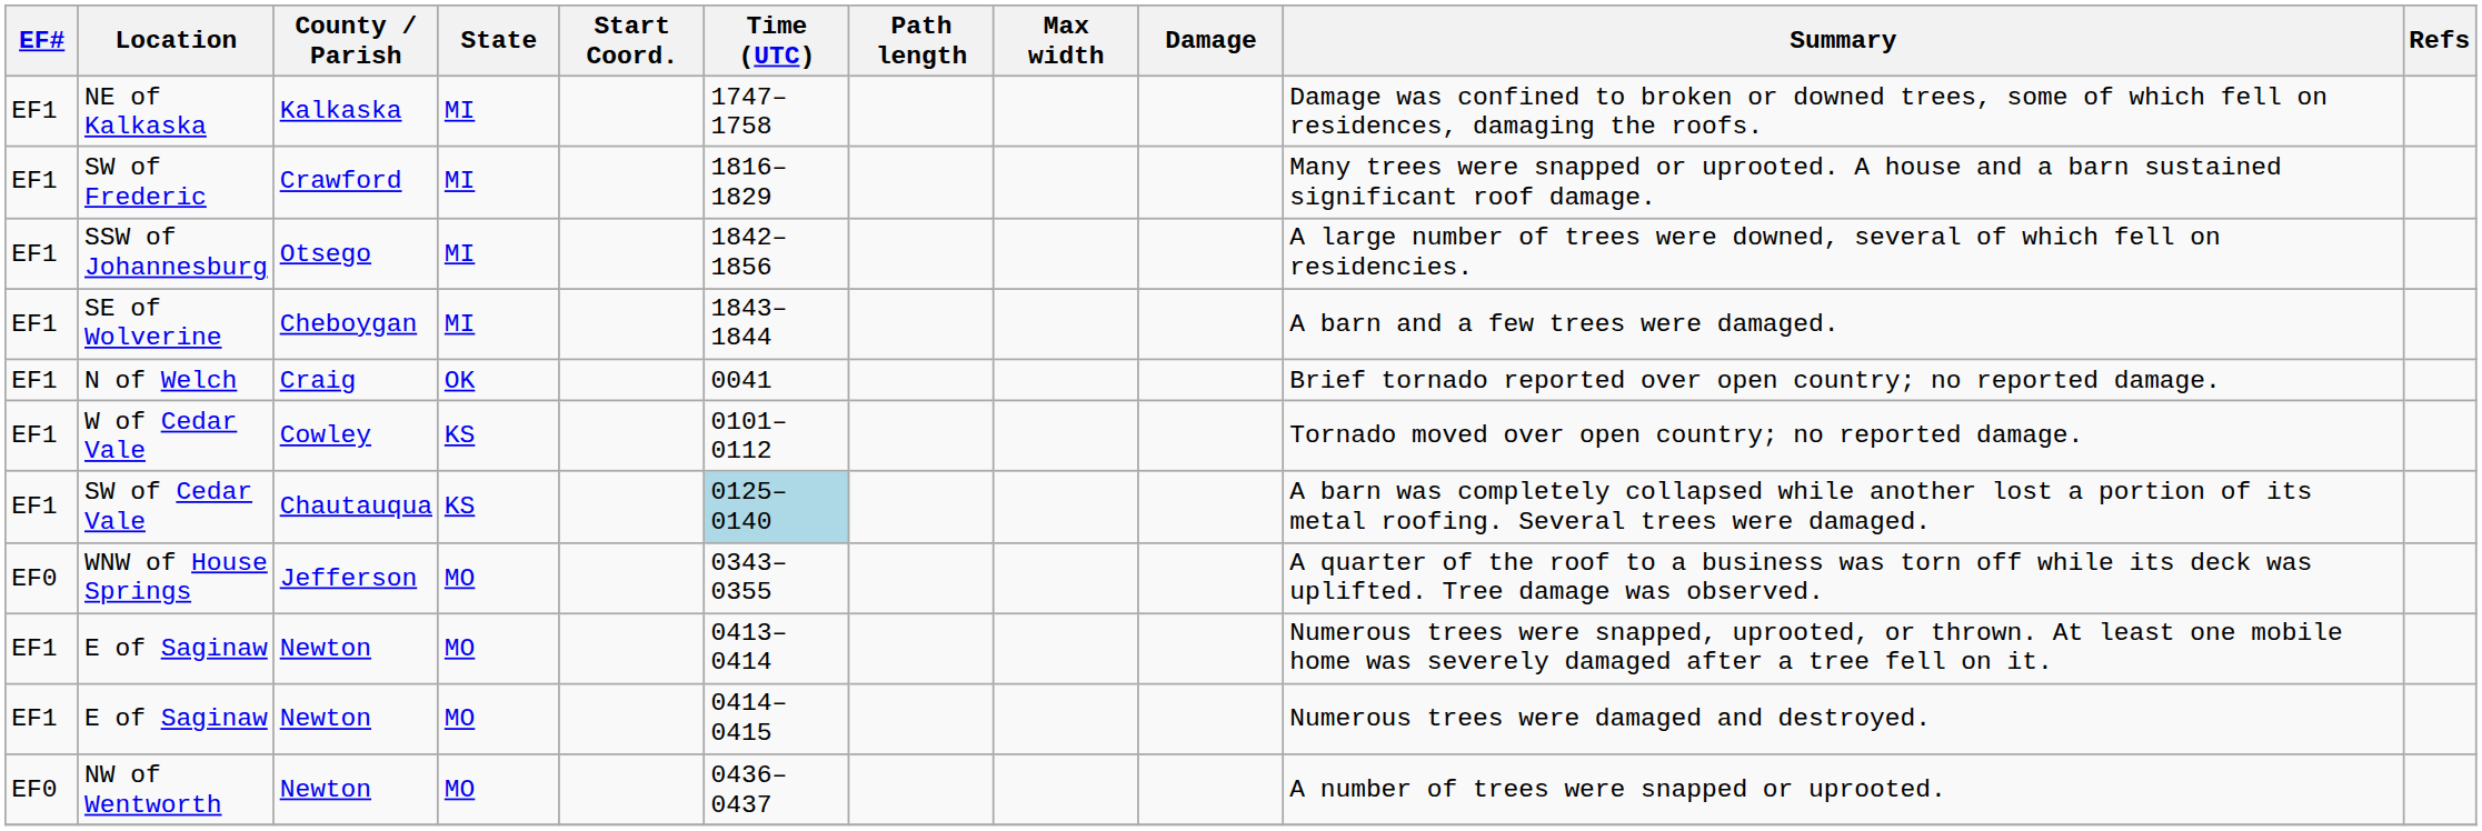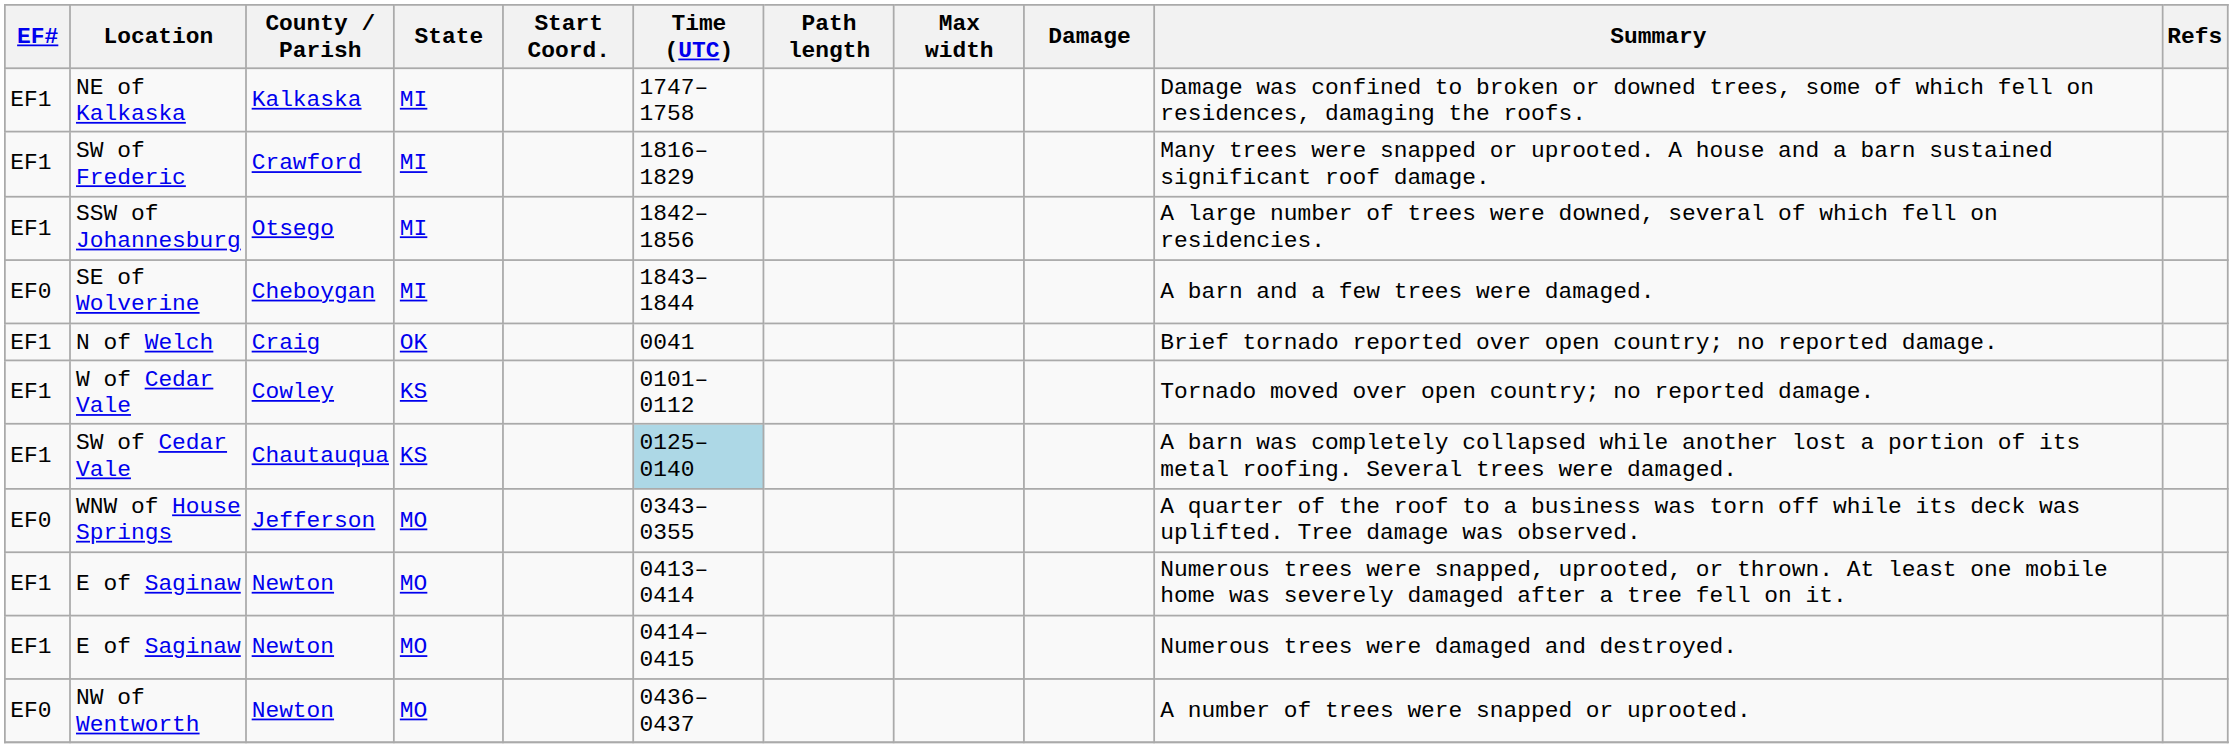 <table class="wikitable sortable" style="width:100%;">
 <tr>
 <th scope="col" width="3%" align="center"><a href='#'>EF#</a></th>
 <th scope="col" width="7%" align="center" class="unsortable">Location</th>
 <th scope="col" width="6%" align="center" class="unsortable">County / Parish</th>
 <th scope="col" width="5%" align="center">State</th>
 <th scope="col" width="6%" align="center">Start Coord.</th>
 <th scope="col" width="6%" align="center">Time (<a href='#'>UTC</a>)</th>
 <th scope="col" width="6%" align="center">Path length</th>
 <th scope="col" width="6%" align="center">Max width</th>
 <th scope="col" width="6%" align="center">Damage</th>
 <th scope="col" width="48%" class="unsortable" align="center">Summary</th>
 <th scope="col" width="48%" class="unsortable" align="center">Refs</th>
 </tr>
 <tr>
 <td>EF1</td>
 <td>NE of <a href='#'>Kalkaska</a></td>
 <td><a href='#'>Kalkaska</a></td>
 <td><a href='#'>MI</a></td>
 <td></td>
 <td>1747–1758</td>
 <td></td>
 <td></td>
 <td></td>
 <td>Damage was confined to broken or downed trees, some of which fell on residences, damaging the roofs.</td>
 <td></td>
 </tr>
 <tr>
 <td>EF1</td>
 <td>SW of <a href='#'>Frederic</a></td>
 <td><a href='#'>Crawford</a></td>
 <td><a href='#'>MI</a></td>
 <td></td>
 <td>1816–1829</td>
 <td></td>
 <td></td>
 <td></td>
 <td>Many trees were snapped or uprooted. A house and a barn sustained significant roof damage.</td>
 <td></td>
 </tr>
 <tr>
 <td>EF1</td>
 <td>SSW of <a href='#'>Johannesburg</a></td>
 <td><a href='#'>Otsego</a></td>
 <td><a href='#'>MI</a></td>
 <td></td>
 <td>1842–1856</td>
 <td></td>
 <td></td>
 <td></td>
 <td>A large number of trees were downed, several of which fell on residencies.</td>
 <td></td>
 </tr>
 <tr>
-<td>EF1</td>
+<td>EF0</td>
 <td>SE of <a href='#'>Wolverine</a></td>
 <td><a href='#'>Cheboygan</a></td>
 <td><a href='#'>MI</a></td>
 <td></td>
 <td>1843–1844</td>
 <td></td>
 <td></td>
 <td></td>
 <td>A barn and a few trees were damaged.</td>
 <td></td>
 </tr>
 <tr>
 <td>EF1</td>
 <td>N of <a href='#'>Welch</a></td>
 <td><a href='#'>Craig</a></td>
 <td><a href='#'>OK</a></td>
 <td></td>
 <td>0041</td>
 <td></td>
 <td></td>
 <td></td>
 <td>Brief tornado reported over open country; no reported damage.</td>
 <td></td>
 </tr>
 <tr>
 <td>EF1</td>
 <td>W of <a href='#'>Cedar Vale</a></td>
 <td><a href='#'>Cowley</a></td>
 <td><a href='#'>KS</a></td>
 <td></td>
 <td>0101–0112</td>
 <td></td>
 <td></td>
 <td></td>
 <td>Tornado moved over open country; no reported damage.</td>
 <td></td>
 </tr>
 <tr>
 <td>EF1</td>
 <td>SW of <a href='#'>Cedar Vale</a></td>
 <td><a href='#'>Chautauqua</a></td>
 <td><a href='#'>KS</a></td>
 <td></td>
 <td style="background: lightblue;">0125–0140</td>
 <td></td>
 <td></td>
 <td></td>
 <td>A barn was completely collapsed while another lost a portion of its metal roofing. Several trees were damaged.</td>
 <td></td>
 </tr>
 <tr>
 <td>EF0</td>
 <td>WNW of <a href='#'>House Springs</a></td>
 <td><a href='#'>Jefferson</a></td>
 <td><a href='#'>MO</a></td>
 <td></td>
 <td>0343–0355</td>
 <td></td>
 <td></td>
 <td></td>
 <td>A quarter of the roof to a business was torn off while its deck was uplifted. Tree damage was observed.</td>
 <td></td>
 </tr>
 <tr>
 <td>EF1</td>
 <td>E of <a href='#'>Saginaw</a></td>
 <td><a href='#'>Newton</a></td>
 <td><a href='#'>MO</a></td>
 <td></td>
 <td>0413–0414</td>
 <td></td>
 <td></td>
 <td></td>
 <td>Numerous trees were snapped, uprooted, or thrown. At least one mobile home was severely damaged after a tree fell on it.</td>
 <td></td>
 </tr>
 <tr>
 <td>EF1</td>
 <td>E of <a href='#'>Saginaw</a></td>
 <td><a href='#'>Newton</a></td>
 <td><a href='#'>MO</a></td>
 <td></td>
 <td>0414–0415</td>
 <td></td>
 <td></td>
 <td></td>
 <td>Numerous trees were damaged and destroyed.</td>
 <td></td>
 </tr>
 <tr>
 <td>EF0</td>
 <td>NW of <a href='#'>Wentworth</a></td>
 <td><a href='#'>Newton</a></td>
 <td><a href='#'>MO</a></td>
 <td></td>
 <td>0436–0437</td>
 <td></td>
 <td></td>
 <td></td>
 <td>A number of trees were snapped or uprooted.</td>
 <td></td>
 </tr>
 <tr>
 </tr>
 </table>
